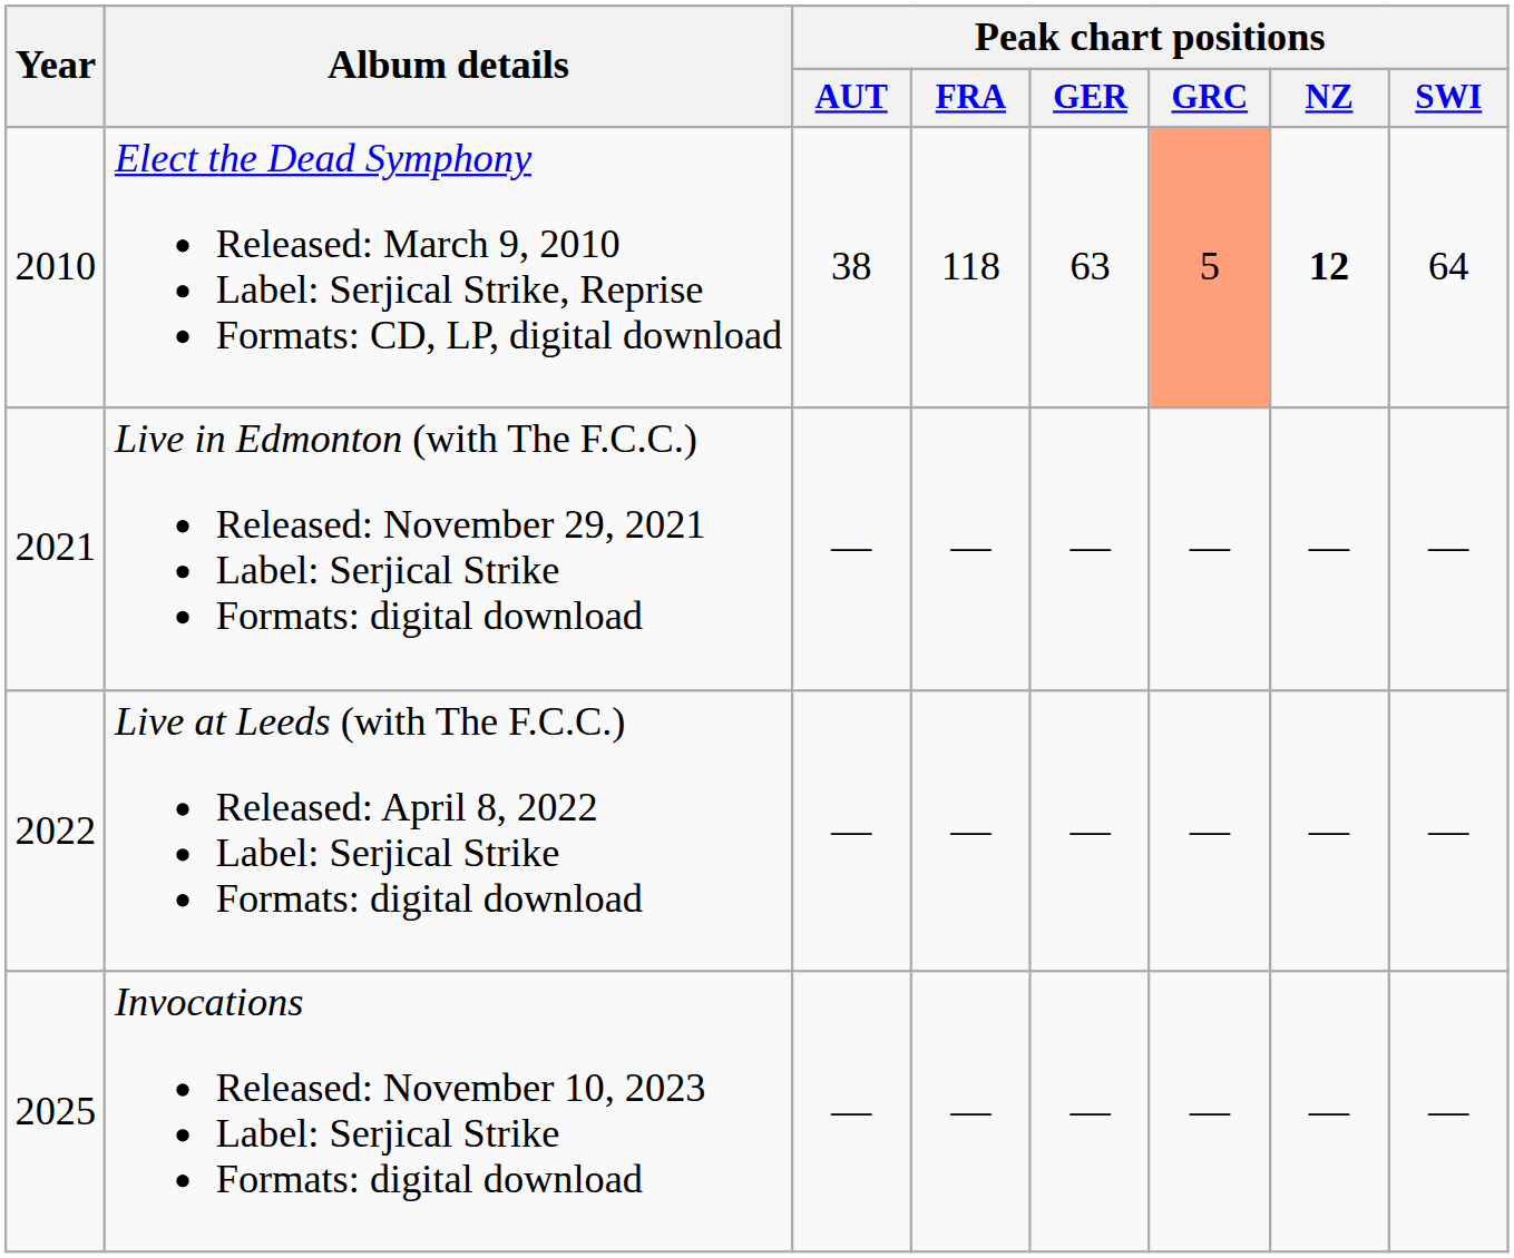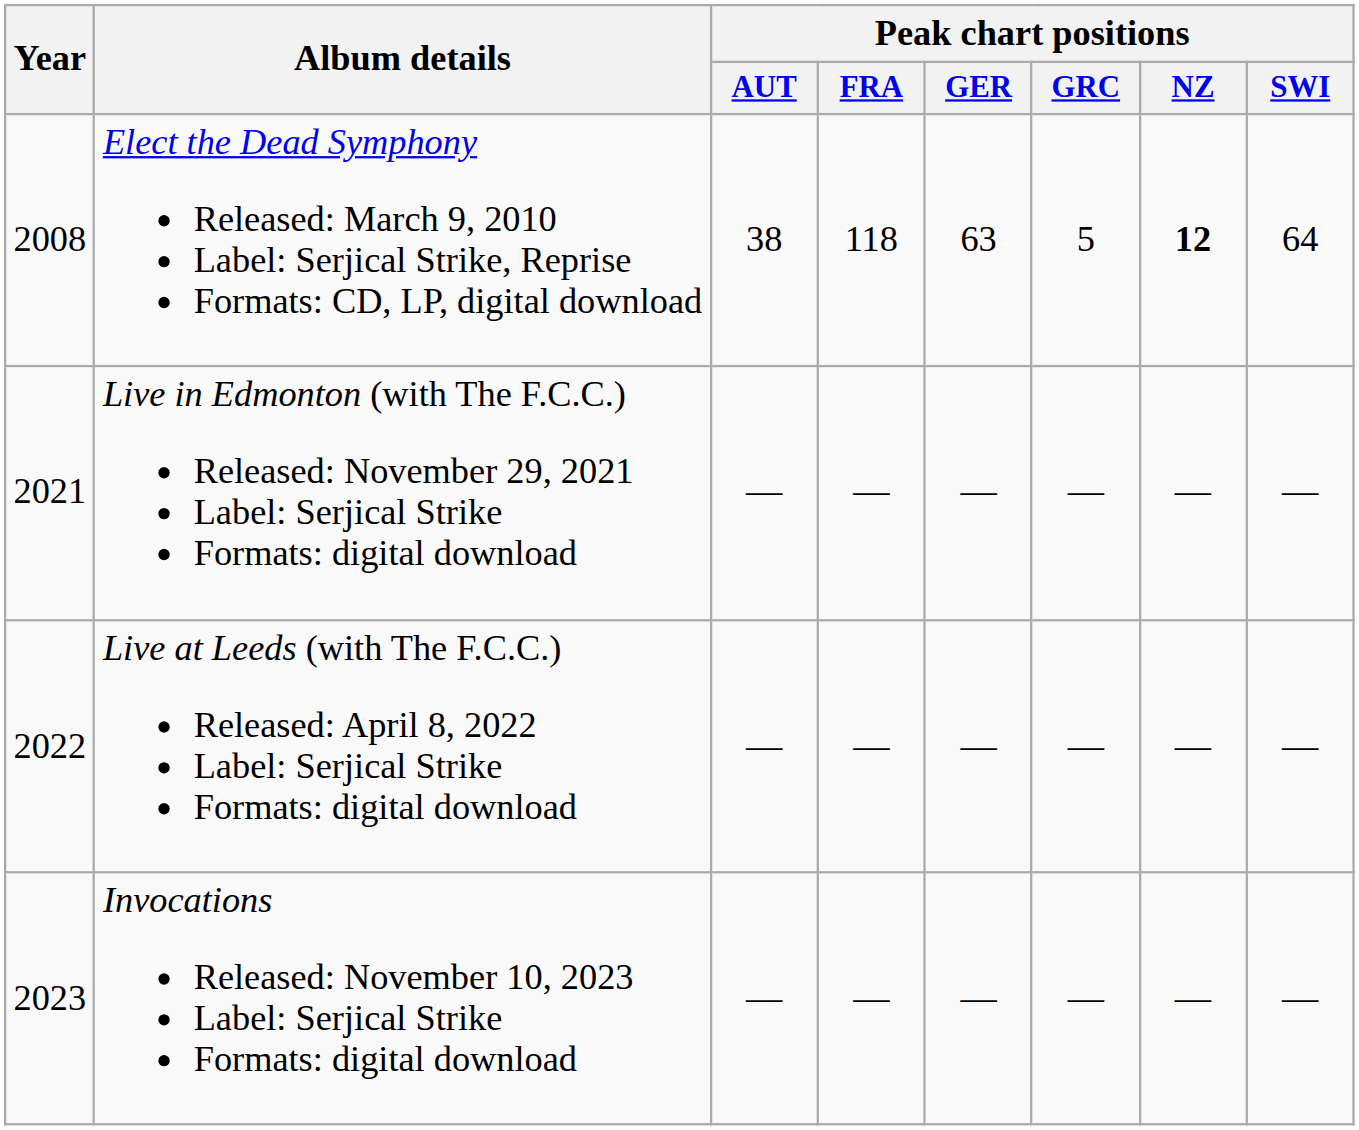 <table class="wikitable">
 <tr>
 <th rowspan="2">Year</th>
 <th rowspan="2">Album details</th>
 <th colspan="6">Peak chart positions</th>
 </tr>
 <tr>
 <th style="width:3em;font-size:85%"><a href='#'>AUT</a><br></th>
 <th style="width:3em;font-size:85%"><a href='#'>FRA</a><br></th>
 <th style="width:3em;font-size:85%"><a href='#'>GER</a><br></th>
 <th style="width:3em;font-size:85%"><a href='#'>GRC</a><br></th>
 <th style="width:3em;font-size:85%"><a href='#'>NZ</a><br></th>
 <th style="width:3em;font-size:85%"><a href='#'>SWI</a><br></th>
 </tr>
 <tr>
-<td align="center">2010</td>
+<td align="center">2008</td>
 <td><em><a href='#'>Elect the Dead Symphony</a></em><br><ul><li>Released: March 9, 2010</li><li>Label: Serjical Strike, Reprise</li><li>Formats: CD, LP, digital download</li></ul></td>
 <td align="center">38</td>
 <td align="center">118</td>
 <td align="center">63</td>
-<td align="center" style="background: lightsalmon;">5</td>
+<td align="center">5</td>
 <td align="center"><strong>12</strong></td>
 <td align="center">64</td>
 </tr>
 <tr>
 <td align="center">2021</td>
 <td><em>Live in Edmonton</em> (with The F.C.C.)<br><ul><li>Released: November 29, 2021</li><li>Label: Serjical Strike</li><li>Formats: digital download</li></ul></td>
 <td align="center">—</td>
 <td align="center">—</td>
 <td align="center">—</td>
 <td align="center">—</td>
 <td align="center">—</td>
 <td align="center">—</td>
 </tr>
 <tr>
 <td align="center">2022</td>
 <td><em>Live at Leeds</em> (with The F.C.C.)<br><ul><li>Released: April 8, 2022</li><li>Label: Serjical Strike</li><li>Formats: digital download</li></ul></td>
 <td align="center">—</td>
 <td align="center">—</td>
 <td align="center">—</td>
 <td align="center">—</td>
 <td align="center">—</td>
 <td align="center">—</td>
 </tr>
 <tr>
-<td align="center">2025</td>
+<td align="center">2023</td>
 <td><em>Invocations</em><br><ul><li>Released: November 10, 2023</li><li>Label: Serjical Strike</li><li>Formats: digital download</li></ul></td>
 <td align="center">—</td>
 <td align="center">—</td>
 <td align="center">—</td>
 <td align="center">—</td>
 <td align="center">—</td>
 <td align="center">—</td>
 </tr>
 </table>
